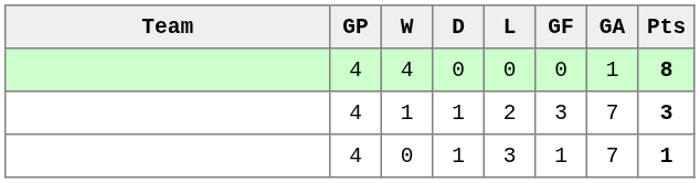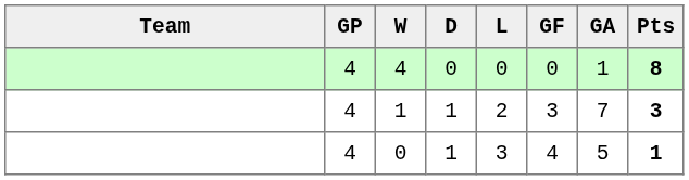 <table style=border-collapse:collapse border=1 cellspacing=0 cellpadding=5>
 <tr align=center bgcolor=#efefef>
 <th width=185>Team</th>
 <th width=20>GP</th>
 <th width=20>W</th>
 <th width=20>D</th>
 <th width=20>L</th>
 <th width=20>GF</th>
 <th width=20>GA</th>
 <th width=20>Pts</th>
 </tr>
 <tr bgcolor=#ccffcc align=center>
 <td style="text-align:left;"></td>
 <td>4</td>
 <td>4</td>
 <td>0</td>
 <td>0</td>
 <td>0</td>
 <td>1</td>
 <td><strong>8</strong></td>
 </tr>
 <tr align=center>
 <td style="text-align:left;"></td>
 <td>4</td>
 <td>1</td>
 <td>1</td>
 <td>2</td>
 <td>3</td>
 <td>7</td>
 <td><strong>3</strong></td>
 </tr>
 <tr align=center>
 <td style="text-align:left;"></td>
 <td>4</td>
 <td>0</td>
 <td>1</td>
 <td>3</td>
-<td>1</td>
-<td>7</td>
+<td>4</td>
+<td>5</td>
 <td><strong>1</strong></td>
 </tr>
 </table>
